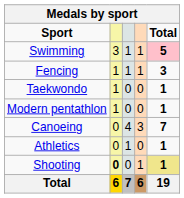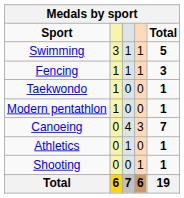 <table class="wikitable" style="font-size:85%; float:right;">
 <tr style="background:#efefef;">
 <th colspan=7>Medals by sport</th>
 </tr>
 <tr align=center>
 <td><strong>Sport</strong></td>
 <td bgcolor=#f7f6a8></td>
 <td bgcolor=#dce5e5></td>
 <td bgcolor=#ffdab9></td>
 <td><strong>Total</strong></td>
 </tr>
 <tr align=center>
 <td><a href='#'>Swimming</a></td>
 <td style="background:#F7F6A8;">3</td>
 <td style="background:#DCE5E5;">1</td>
 <td style="background:#FFDAB9;">1</td>
-<td style="background: pink;"><strong>5</strong></td>
+<td><strong>5</strong></td>
 </tr>
 <tr align=center>
 <td><a href='#'>Fencing</a></td>
 <td style="background:#F7F6A8;">1</td>
 <td style="background:#DCE5E5;">1</td>
 <td style="background:#FFDAB9;">1</td>
 <td><strong>3</strong></td>
 </tr>
 <tr align=center>
 <td><a href='#'>Taekwondo</a></td>
 <td style="background:#F7F6A8;">1</td>
 <td style="background:#DCE5E5;">0</td>
 <td style="background:#FFDAB9;">0</td>
 <td><strong>1</strong></td>
 </tr>
 <tr align=center>
 <td><a href='#'>Modern pentathlon</a></td>
 <td style="background:#F7F6A8;">1</td>
 <td style="background:#DCE5E5;">0</td>
 <td style="background:#FFDAB9;">0</td>
 <td><strong>1</strong></td>
 </tr>
 <tr align=center>
 <td><a href='#'>Canoeing</a></td>
 <td style="background:#F7F6A8;">0</td>
 <td style="background:#DCE5E5;">4</td>
 <td style="background:#FFDAB9;">3</td>
 <td><strong>7</strong></td>
 </tr>
 <tr align=center>
 <td><a href='#'>Athletics</a></td>
 <td style="background:#F7F6A8;">0</td>
 <td style="background:#DCE5E5;">1</td>
 <td style="background:#FFDAB9;">0</td>
 <td><strong>1</strong></td>
 </tr>
 <tr align=center>
 <td><a href='#'>Shooting</a></td>
-<td style="background:#F7F6A8;"><strong>0</strong></td>
+<td style="background:#F7F6A8;">0</td>
 <td style="background:#DCE5E5;">0</td>
 <td style="background:#FFDAB9;">1</td>
-<td style="background: khaki;"><strong>1</strong></td>
+<td><strong>1</strong></td>
 </tr>
 <tr align=center>
 <th>Total</th>
 <th style="background:gold;">6</th>
 <th style="background:silver;">7</th>
 <th style="background:#c96;">6</th>
 <th>19</th>
 </tr>
 </table>
